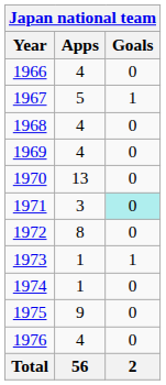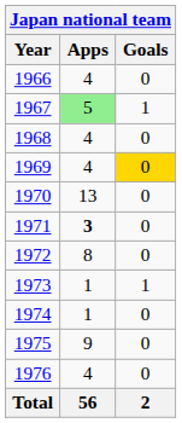 <table class="wikitable" style="text-align:center">
 <tr>
 <th colspan=3><a href='#'>Japan national team</a></th>
 </tr>
 <tr>
 <th>Year</th>
 <th>Apps</th>
 <th>Goals</th>
 </tr>
 <tr>
 <td><a href='#'>1966</a></td>
 <td>4</td>
 <td>0</td>
 </tr>
 <tr>
 <td><a href='#'>1967</a></td>
-<td>5</td>
+<td style="background: lightgreen;">5</td>
 <td>1</td>
 </tr>
 <tr>
 <td><a href='#'>1968</a></td>
 <td>4</td>
 <td>0</td>
 </tr>
 <tr>
 <td><a href='#'>1969</a></td>
 <td>4</td>
-<td>0</td>
+<td style="background: gold;">0</td>
 </tr>
 <tr>
 <td><a href='#'>1970</a></td>
 <td>13</td>
 <td>0</td>
 </tr>
 <tr>
 <td><a href='#'>1971</a></td>
-<td>3</td>
-<td style="background: paleturquoise;">0</td>
+<td><strong>3</strong></td>
+<td>0</td>
 </tr>
 <tr>
 <td><a href='#'>1972</a></td>
 <td>8</td>
 <td>0</td>
 </tr>
 <tr>
 <td><a href='#'>1973</a></td>
 <td>1</td>
 <td>1</td>
 </tr>
 <tr>
 <td><a href='#'>1974</a></td>
 <td>1</td>
 <td>0</td>
 </tr>
 <tr>
 <td><a href='#'>1975</a></td>
 <td>9</td>
 <td>0</td>
 </tr>
 <tr>
 <td><a href='#'>1976</a></td>
 <td>4</td>
 <td>0</td>
 </tr>
 <tr>
 <th>Total</th>
 <th>56</th>
 <th>2</th>
 </tr>
 </table>
